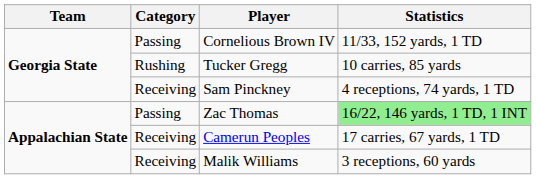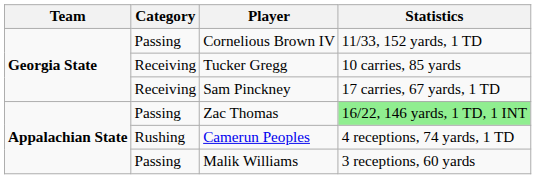 <table class="wikitable" style="float: left;">
 <tr>
 <th>Team</th>
 <th>Category</th>
 <th>Player</th>
 <th>Statistics</th>
 </tr>
 <tr>
 <td rowspan=3><strong>Georgia State</strong></td>
 <td>Passing</td>
 <td>Cornelious Brown IV</td>
 <td>11/33, 152 yards, 1 TD</td>
 </tr>
 <tr>
-<td>Rushing</td>
+<td>Receiving</td>
 <td>Tucker Gregg</td>
 <td>10 carries, 85 yards</td>
 </tr>
 <tr>
 <td>Receiving</td>
 <td>Sam Pinckney</td>
-<td>4 receptions, 74 yards, 1 TD</td>
+<td>17 carries, 67 yards, 1 TD</td>
 </tr>
 <tr>
 <td rowspan=3><strong>Appalachian State</strong></td>
 <td>Passing</td>
 <td>Zac Thomas</td>
 <td style="background: lightgreen;">16/22, 146 yards, 1 TD, 1 INT</td>
 </tr>
 <tr>
-<td>Receiving</td>
+<td>Rushing</td>
 <td><a href='#'>Camerun Peoples</a></td>
-<td>17 carries, 67 yards, 1 TD</td>
+<td>4 receptions, 74 yards, 1 TD</td>
 </tr>
 <tr>
-<td>Receiving</td>
+<td>Passing</td>
 <td>Malik Williams</td>
 <td>3 receptions, 60 yards</td>
 </tr>
 </table>
